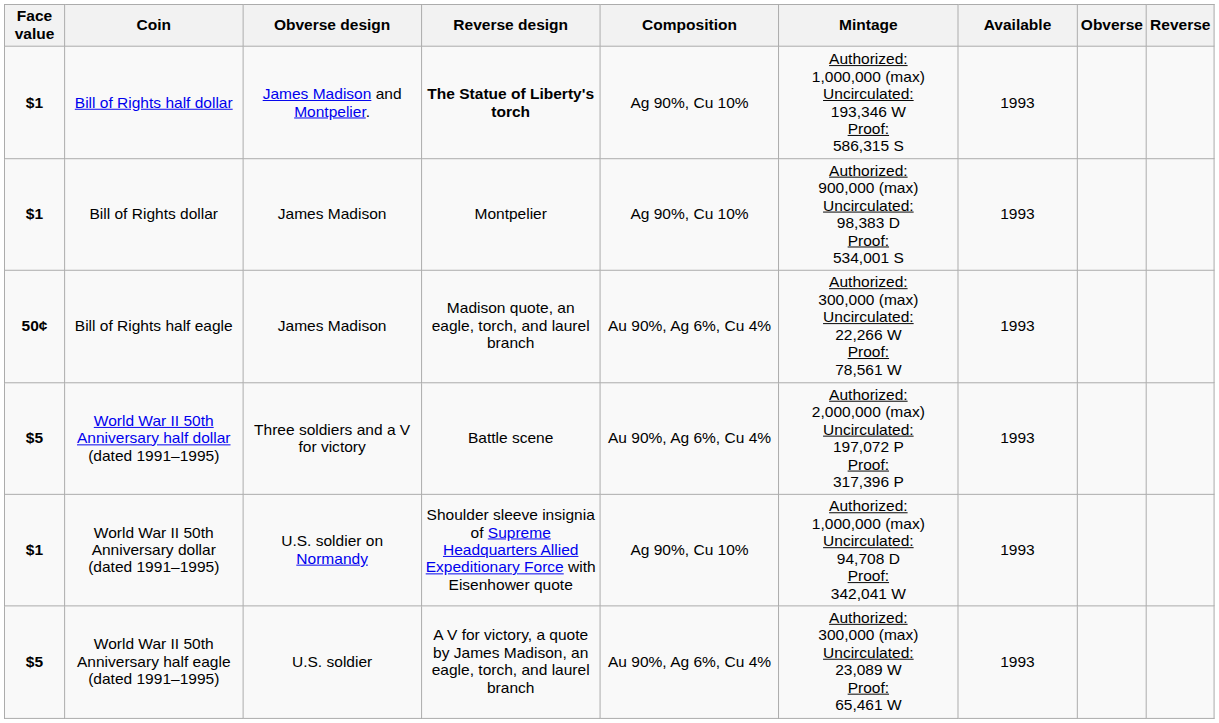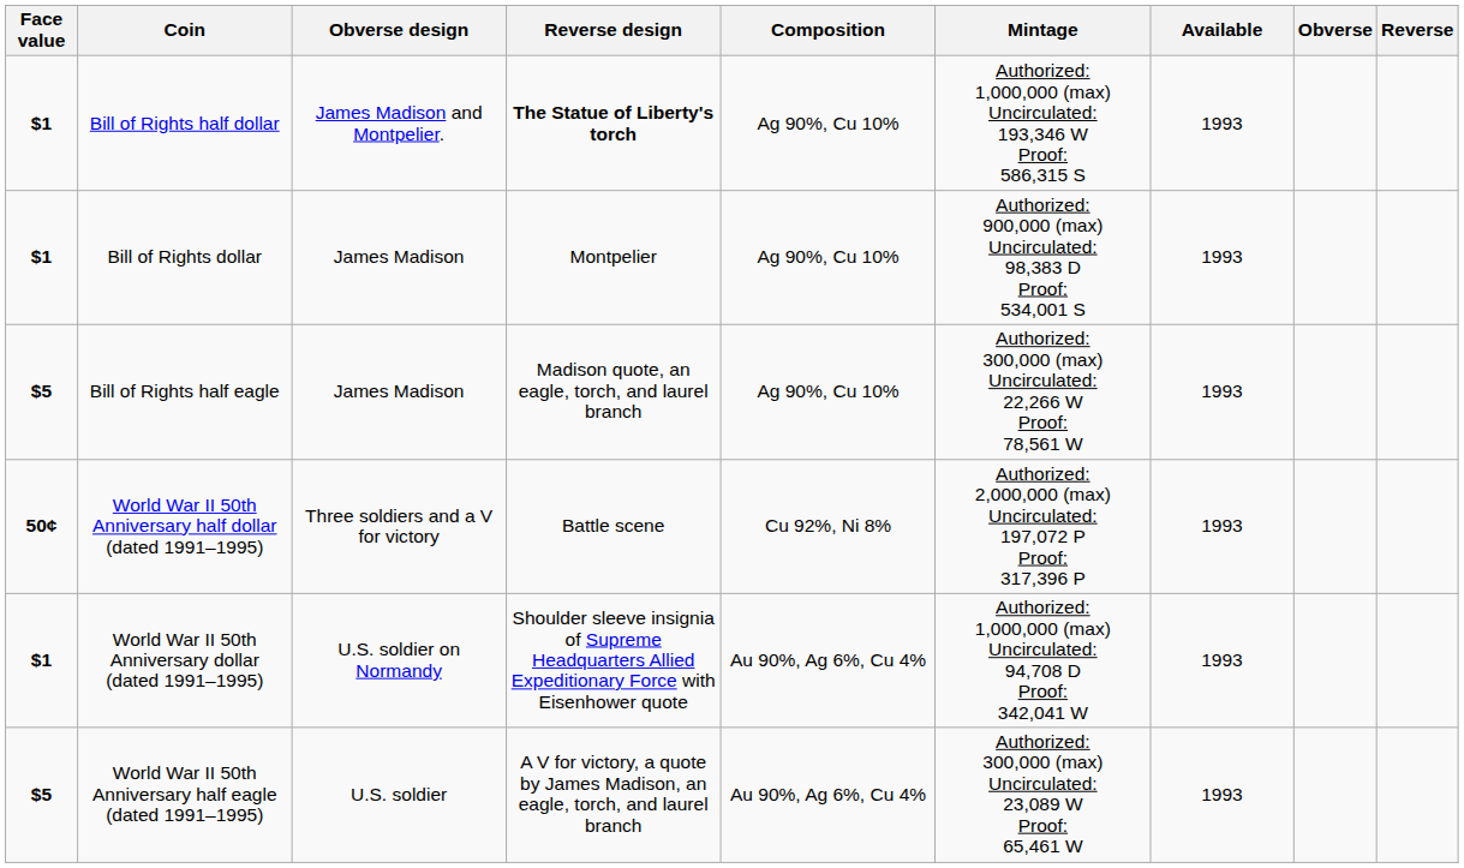 <table class="wikitable">
 <tr>
 <th width="5%">Face value</th>
 <th width="15%">Coin</th>
 <th width="15%">Obverse design</th>
 <th width="15%">Reverse design</th>
 <th width="15%">Composition</th>
 <th width="15%">Mintage</th>
 <th width="10%">Available</th>
 <th>Obverse</th>
 <th>Reverse</th>
 </tr>
 <tr>
 <td align="center"><strong>$1</strong></td>
 <td align="center"><a href='#'>Bill of Rights half dollar</a></td>
 <td align="center"><a href='#'>James Madison</a> and <a href='#'>Montpelier</a>.</td>
 <td align="center"><strong>The Statue of Liberty's torch</strong></td>
 <td align="center">Ag 90%, Cu 10%</td>
 <td align="center"><u>Authorized:</u><br>1,000,000 (max)<br><u>Uncirculated:</u><br>193,346 W<br><u>Proof:</u><br>586,315 S</td>
 <td align="center">1993</td>
 <td></td>
 <td></td>
 </tr>
 <tr>
 <td align="center"><strong>$1</strong></td>
 <td align="center">Bill of Rights dollar</td>
 <td align="center">James Madison</td>
 <td align="center">Montpelier</td>
 <td align="center">Ag 90%, Cu 10%</td>
 <td align="center"><u>Authorized:</u><br>900,000 (max)<br><u>Uncirculated:</u><br>98,383 D<br><u>Proof:</u><br>534,001 S</td>
 <td align="center">1993</td>
 <td></td>
 <td></td>
 </tr>
 <tr>
-<td align="center"><strong>50¢</strong></td>
+<td align="center"><strong>$5</strong></td>
 <td align="center">Bill of Rights half eagle</td>
 <td align="center">James Madison</td>
 <td align="center">Madison quote, an eagle, torch, and laurel branch</td>
-<td align="center">Au 90%, Ag 6%, Cu 4%</td>
+<td align="center">Ag 90%, Cu 10%</td>
 <td align="center"><u>Authorized:</u><br>300,000 (max)<br><u>Uncirculated:</u><br>22,266 W<br><u>Proof:</u><br>78,561 W</td>
 <td align="center">1993</td>
 <td></td>
 <td></td>
 </tr>
 <tr>
-<td align="center"><strong>$5</strong></td>
+<td align="center"><strong>50¢</strong></td>
 <td align="center"><a href='#'> World War II 50th Anniversary half dollar</a><br>(dated 1991–1995)</td>
 <td align="center">Three soldiers and a V for victory</td>
 <td align="center">Battle scene</td>
-<td align="center">Au 90%, Ag 6%, Cu 4%</td>
+<td align="center">Cu 92%, Ni 8%</td>
 <td align="center"><u>Authorized:</u><br>2,000,000 (max)<br><u>Uncirculated:</u><br>197,072 P<br><u>Proof:</u><br>317,396 P</td>
 <td align="center">1993</td>
 <td></td>
 <td></td>
 </tr>
 <tr>
 <td align="center"><strong>$1</strong></td>
 <td align="center">World War II 50th Anniversary dollar<br>(dated 1991–1995)</td>
 <td align="center">U.S. soldier on <a href='#'>Normandy</a></td>
 <td align="center">Shoulder sleeve insignia of <a href='#'>Supreme Headquarters Allied Expeditionary Force</a> with Eisenhower quote</td>
-<td align="center">Ag 90%, Cu 10%</td>
+<td align="center">Au 90%, Ag 6%, Cu 4%</td>
 <td align="center"><u>Authorized:</u><br>1,000,000 (max)<br><u>Uncirculated:</u><br>94,708 D<br><u>Proof:</u><br>342,041 W</td>
 <td align="center">1993</td>
 <td></td>
 <td></td>
 </tr>
 <tr>
 <td align="center"><strong>$5</strong></td>
 <td align="center">World War II 50th Anniversary half eagle<br>(dated 1991–1995)</td>
 <td align="center">U.S. soldier</td>
 <td align="center">A V for victory, a quote by James Madison, an eagle, torch, and laurel branch</td>
 <td align="center">Au 90%, Ag 6%, Cu 4%</td>
 <td align="center"><u>Authorized:</u><br>300,000 (max)<br><u>Uncirculated:</u><br>23,089 W<br><u>Proof:</u><br>65,461 W</td>
 <td align="center">1993</td>
 <td></td>
 <td></td>
 </tr>
 </table>
